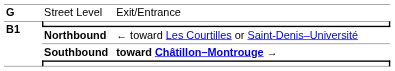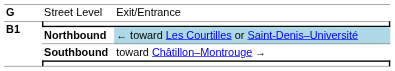 <table border=0 cellspacing=0 cellpadding=3>
 <tr>
 <td style="border-top:solid 1px gray;" width=50 valign=top><strong>G</strong></td>
 <td style="border-top:solid 1px gray;" width=100 valign=top>Street Level</td>
 <td style="border-top:solid 1px gray;" width=400 valign=top>Exit/Entrance</td>
 </tr>
 <tr>
 <td style="border-top:solid 1px gray;border-bottom:solid 1px gray;" width=50 rowspan=4 valign=top><strong>B1</strong></td>
 <td style="border-top:solid 1px gray;border-right:solid 2px black;border-left:solid 2px black;border-bottom:solid 2px black;text-align:center;" colspan=2></td>
 </tr>
 <tr>
 <td style="border-bottom:solid 1px gray;" width=100><strong>Northbound</strong></td>
-<td style="border-bottom:solid 1px gray;" width=390>←   toward <a href='#'>Les Courtilles</a> or <a href='#'>Saint-Denis–Université</a> </td>
+<td style="background: lightblue; border-bottom:solid 1px gray;" width=390>←   toward <a href='#'>Les Courtilles</a> or <a href='#'>Saint-Denis–Université</a> </td>
 </tr>
 <tr>
 <td><strong>Southbound</strong></td>
-<td><strong>   toward <a href='#'>Châtillon–Montrouge</a>  →</strong></td>
+<td>   toward <a href='#'>Châtillon–Montrouge</a>  →</td>
 </tr>
 <tr>
 <td style="border-top:solid 2px black;border-right:solid 2px black;border-left:solid 2px black;border-bottom:solid 1px gray;text-align:center;" colspan=2></td>
 </tr>
 </table>
